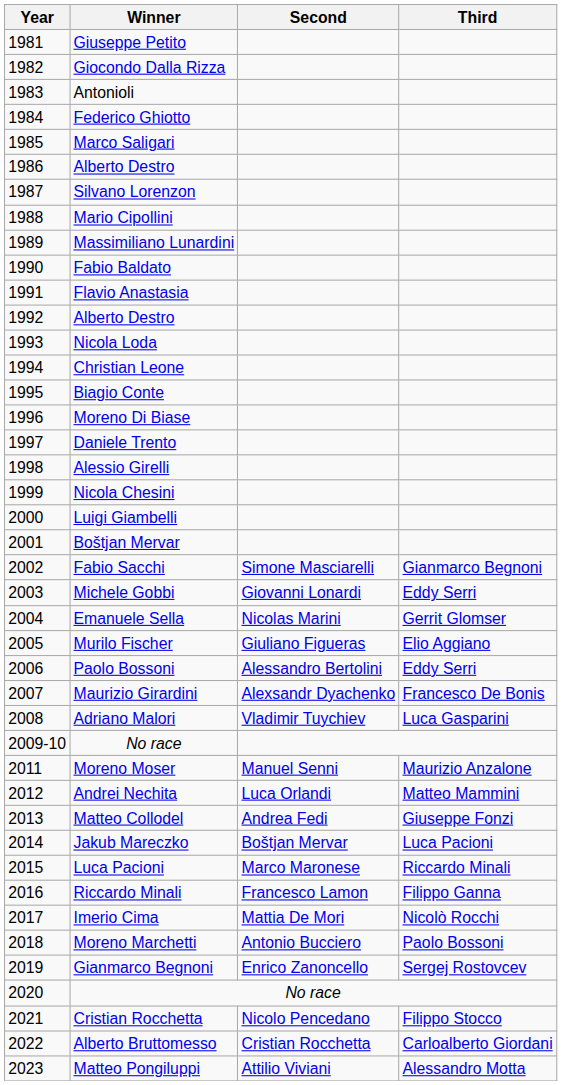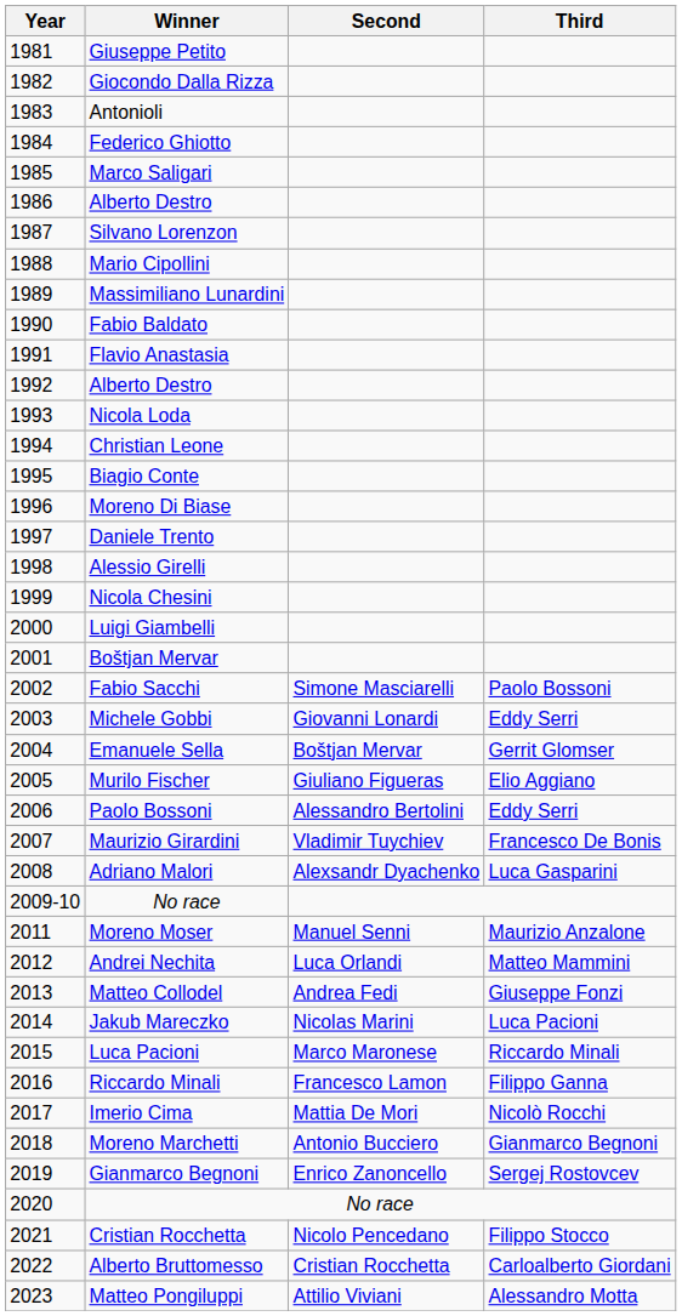 <table class="wikitable" style="font-size:95%">
 <tr>
 <th>Year</th>
 <th>Winner</th>
 <th>Second</th>
 <th>Third</th>
 </tr>
 <tr>
 <td>1981</td>
 <td> <a href='#'>Giuseppe Petito</a></td>
 <td></td>
 <td></td>
 </tr>
 <tr>
 <td>1982</td>
 <td> <a href='#'>Giocondo Dalla Rizza</a></td>
 <td></td>
 <td></td>
 </tr>
 <tr>
 <td>1983</td>
 <td> Antonioli</td>
 <td></td>
 <td></td>
 </tr>
 <tr>
 <td>1984</td>
 <td> <a href='#'>Federico Ghiotto</a></td>
 <td></td>
 <td></td>
 </tr>
 <tr>
 <td>1985</td>
 <td> <a href='#'>Marco Saligari</a></td>
 <td></td>
 <td></td>
 </tr>
 <tr>
 <td>1986</td>
 <td> <a href='#'>Alberto Destro</a></td>
 <td></td>
 <td></td>
 </tr>
 <tr>
 <td>1987</td>
 <td> <a href='#'>Silvano Lorenzon</a></td>
 <td></td>
 <td></td>
 </tr>
 <tr>
 <td>1988</td>
 <td> <a href='#'>Mario Cipollini</a></td>
 <td></td>
 <td></td>
 </tr>
 <tr>
 <td>1989</td>
 <td> <a href='#'>Massimiliano Lunardini</a></td>
 <td></td>
 <td></td>
 </tr>
 <tr>
 <td>1990</td>
 <td> <a href='#'>Fabio Baldato</a></td>
 <td></td>
 <td></td>
 </tr>
 <tr>
 <td>1991</td>
 <td> <a href='#'>Flavio Anastasia</a></td>
 <td></td>
 <td></td>
 </tr>
 <tr>
 <td>1992</td>
 <td> <a href='#'>Alberto Destro</a></td>
 <td></td>
 <td></td>
 </tr>
 <tr>
 <td>1993</td>
 <td> <a href='#'>Nicola Loda</a></td>
 <td></td>
 <td></td>
 </tr>
 <tr>
 <td>1994</td>
 <td> <a href='#'>Christian Leone</a></td>
 <td></td>
 <td></td>
 </tr>
 <tr>
 <td>1995</td>
 <td> <a href='#'>Biagio Conte</a></td>
 <td></td>
 <td></td>
 </tr>
 <tr>
 <td>1996</td>
 <td> <a href='#'>Moreno Di Biase</a></td>
 <td></td>
 <td></td>
 </tr>
 <tr>
 <td>1997</td>
 <td> <a href='#'>Daniele Trento</a></td>
 <td></td>
 <td></td>
 </tr>
 <tr>
 <td>1998</td>
 <td> <a href='#'>Alessio Girelli</a></td>
 <td></td>
 <td></td>
 </tr>
 <tr>
 <td>1999</td>
 <td> <a href='#'>Nicola Chesini</a></td>
 <td></td>
 <td></td>
 </tr>
 <tr>
 <td>2000</td>
 <td> <a href='#'>Luigi Giambelli</a></td>
 <td></td>
 <td></td>
 </tr>
 <tr>
 <td>2001</td>
 <td> <a href='#'>Boštjan Mervar</a></td>
 <td></td>
 <td></td>
 </tr>
 <tr>
 <td>2002</td>
 <td> <a href='#'>Fabio Sacchi</a></td>
 <td> <a href='#'>Simone Masciarelli</a></td>
-<td> <a href='#'>Gianmarco Begnoni</a></td>
+<td> <a href='#'>Paolo Bossoni</a></td>
 </tr>
 <tr>
 <td>2003</td>
 <td> <a href='#'>Michele Gobbi</a></td>
 <td> <a href='#'>Giovanni Lonardi</a></td>
 <td> <a href='#'>Eddy Serri</a></td>
 </tr>
 <tr>
 <td>2004</td>
 <td> <a href='#'>Emanuele Sella</a></td>
-<td> <a href='#'>Nicolas Marini</a></td>
+<td> <a href='#'>Boštjan Mervar</a></td>
 <td> <a href='#'>Gerrit Glomser</a></td>
 </tr>
 <tr>
 <td>2005</td>
 <td> <a href='#'>Murilo Fischer</a></td>
 <td> <a href='#'>Giuliano Figueras</a></td>
 <td> <a href='#'>Elio Aggiano</a></td>
 </tr>
 <tr>
 <td>2006</td>
 <td> <a href='#'>Paolo Bossoni</a></td>
 <td> <a href='#'>Alessandro Bertolini</a></td>
 <td> <a href='#'>Eddy Serri</a></td>
 </tr>
 <tr>
 <td>2007</td>
 <td> <a href='#'>Maurizio Girardini</a></td>
-<td> <a href='#'>Alexsandr Dyachenko</a></td>
+<td> <a href='#'>Vladimir Tuychiev</a></td>
 <td> <a href='#'>Francesco De Bonis</a></td>
 </tr>
 <tr>
 <td>2008</td>
 <td> <a href='#'>Adriano Malori</a></td>
-<td> <a href='#'>Vladimir Tuychiev</a></td>
+<td> <a href='#'>Alexsandr Dyachenko</a></td>
 <td> <a href='#'>Luca Gasparini</a></td>
 </tr>
 <tr>
 <td>2009-10</td>
 <td colsan=3 align=center><em>No race</em></td>
 </tr>
 <tr>
 <td>2011</td>
 <td> <a href='#'>Moreno Moser</a></td>
 <td> <a href='#'>Manuel Senni</a></td>
 <td> <a href='#'>Maurizio Anzalone</a></td>
 </tr>
 <tr>
 <td>2012</td>
 <td> <a href='#'>Andrei Nechita</a></td>
 <td> <a href='#'>Luca Orlandi</a></td>
 <td> <a href='#'>Matteo Mammini</a></td>
 </tr>
 <tr>
 <td>2013</td>
 <td> <a href='#'>Matteo Collodel</a></td>
 <td> <a href='#'>Andrea Fedi</a></td>
 <td> <a href='#'>Giuseppe Fonzi</a></td>
 </tr>
 <tr>
 <td>2014</td>
 <td> <a href='#'>Jakub Mareczko</a></td>
-<td> <a href='#'>Boštjan Mervar</a></td>
+<td> <a href='#'>Nicolas Marini</a></td>
 <td> <a href='#'>Luca Pacioni</a></td>
 </tr>
 <tr>
 <td>2015</td>
 <td> <a href='#'>Luca Pacioni</a></td>
 <td> <a href='#'>Marco Maronese</a></td>
 <td> <a href='#'>Riccardo Minali</a></td>
 </tr>
 <tr>
 <td>2016</td>
 <td> <a href='#'>Riccardo Minali</a></td>
 <td> <a href='#'>Francesco Lamon</a></td>
 <td> <a href='#'>Filippo Ganna</a></td>
 </tr>
 <tr>
 <td>2017</td>
 <td> <a href='#'>Imerio Cima</a></td>
 <td> <a href='#'>Mattia De Mori</a></td>
 <td> <a href='#'>Nicolò Rocchi</a></td>
 </tr>
 <tr>
 <td>2018</td>
 <td> <a href='#'>Moreno Marchetti</a></td>
 <td> <a href='#'>Antonio Bucciero</a></td>
-<td> <a href='#'>Paolo Bossoni</a></td>
+<td> <a href='#'>Gianmarco Begnoni</a></td>
 </tr>
 <tr>
 <td>2019</td>
 <td> <a href='#'>Gianmarco Begnoni</a></td>
 <td> <a href='#'>Enrico Zanoncello</a></td>
 <td> <a href='#'>Sergej Rostovcev</a></td>
 </tr>
 <tr>
 <td>2020</td>
 <td colspan=3 align=center><em>No race</em></td>
 </tr>
 <tr>
 <td>2021</td>
 <td> <a href='#'>Cristian Rocchetta</a></td>
 <td> <a href='#'>Nicolo Pencedano</a></td>
 <td> <a href='#'>Filippo Stocco</a></td>
 </tr>
 <tr>
 <td>2022</td>
 <td> <a href='#'>Alberto Bruttomesso</a></td>
 <td> <a href='#'>Cristian Rocchetta</a></td>
 <td> <a href='#'>Carloalberto Giordani</a></td>
 </tr>
 <tr>
 <td>2023</td>
 <td> <a href='#'>Matteo Pongiluppi</a></td>
 <td> <a href='#'>Attilio Viviani</a></td>
 <td> <a href='#'>Alessandro Motta</a></td>
 </tr>
 </table>
